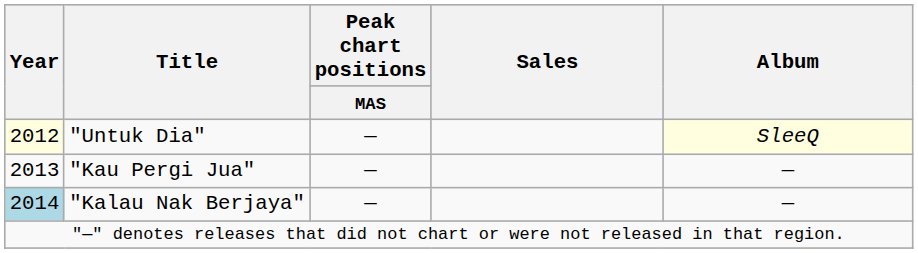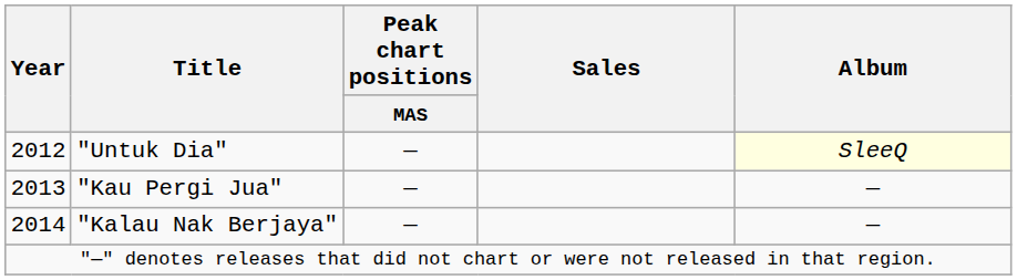 <table class="wikitable" style="text-align:center;">
 <tr>
 <th rowspan="2">Year</th>
 <th rowspan="2">Title</th>
 <th colspan="1">Peak chart positions</th>
 <th rowspan="2" width="140">Sales</th>
 <th rowspan="2" width="150">Album</th>
 </tr>
 <tr>
 <th width="40"><small>MAS</small></th>
 </tr>
 <tr>
-<td rowspan="1" style="background: lightyellow;">2012</td>
+<td rowspan="1">2012</td>
 <td align="left">"Untuk Dia"<br></td>
 <td>—</td>
 <td></td>
 <td style="background: lightyellow;"><em>SleeQ</em><br></td>
 </tr>
 <tr>
 <td rowspan="1">2013</td>
 <td align="left">"Kau Pergi Jua"<br></td>
 <td>—</td>
 <td></td>
 <td>—</td>
 </tr>
 <tr>
-<td rowspan="1" style="background: lightblue;">2014</td>
+<td rowspan="1">2014</td>
 <td align="left">"Kalau Nak Berjaya"<br></td>
 <td>—</td>
 <td></td>
 <td>—</td>
 </tr>
 <tr>
 <td colspan="6" style="text-align:center; font-size:8pt;">"—" denotes releases that did not chart or were not released in that region.</td>
 </tr>
 </table>
